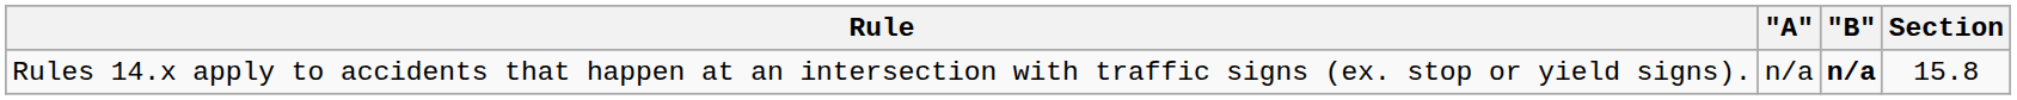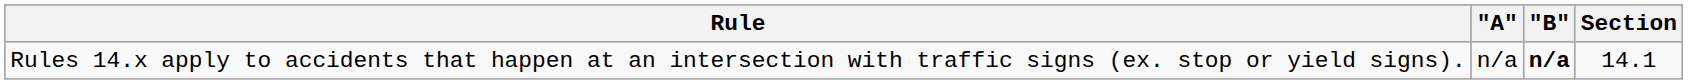 <table class="wikitable">
 <tr>
 <th style="text-align: center;">Rule</th>
 <th style="text-align: center;">"A"</th>
 <th style="text-align: center;">"B"</th>
 <th style="text-align: center;">Section</th>
 </tr>
 <tr>
 <td style="text-align: center;">Rules 14.x apply to accidents that happen at an intersection with traffic signs (ex. stop or yield signs).</td>
 <td style="text-align: center;">n/a</td>
 <td style="text-align: center;"><strong>n/a</strong></td>
-<td style="text-align: center;">15.8</td>
+<td style="text-align: center;">14.1</td>
 </tr>
 </table>
